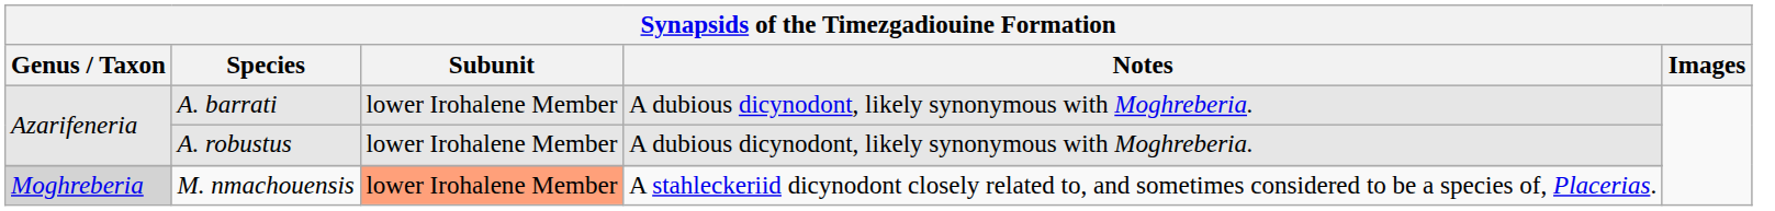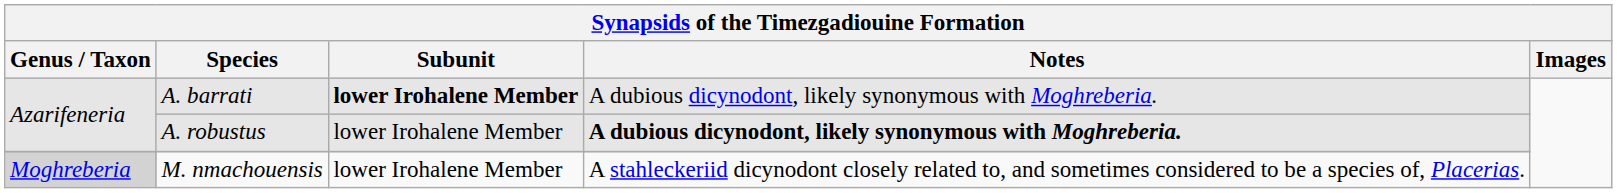 <table class="wikitable" align="center">
 <tr>
 <th colspan="5" align="center"><strong><a href='#'>Synapsids</a> of the Timezgadiouine Formation</strong></th>
 </tr>
 <tr>
 <th>Genus / Taxon</th>
 <th>Species</th>
 <th>Subunit</th>
 <th>Notes</th>
 <th>Images</th>
 </tr>
 <tr>
 <td rowspan=2 style="background:#E6E6E6;"><em>Azarifeneria</em></td>
 <td style="background:#E6E6E6;"><em>A. barrati</em></td>
-<td style="background:#E6E6E6;">lower Irohalene Member</td>
+<td style="background:#E6E6E6;"><strong>lower Irohalene Member</strong></td>
 <td style="background:#E6E6E6;">A dubious <a href='#'>dicynodont</a>, likely synonymous with <em><a href='#'>Moghreberia</a>.</em></td>
 <td rowspan="142"><br></td>
 </tr>
 <tr>
 <td style="background:#E6E6E6;"><em>A. robustus</em></td>
 <td style="background:#E6E6E6;">lower Irohalene Member</td>
-<td style="background:#E6E6E6;">A dubious dicynodont, likely synonymous with <em>Moghreberia.</em></td>
+<td style="background:#E6E6E6;"><strong>A dubious dicynodont, likely synonymous with <em>Moghreberia.</em></strong></td>
 </tr>
 <tr>
 </tr>
 <tr>
 <td style="background: lightgrey;"><em><a href='#'>Moghreberia</a></em></td>
 <td><em>M. nmachouensis</em></td>
-<td style="background: lightsalmon;">lower Irohalene Member</td>
+<td>lower Irohalene Member</td>
 <td>A <a href='#'>stahleckeriid</a> dicynodont closely related to, and sometimes considered to be a species of, <em><a href='#'>Placerias</a></em>.</td>
 </tr>
 </table>
